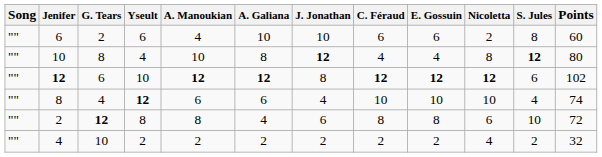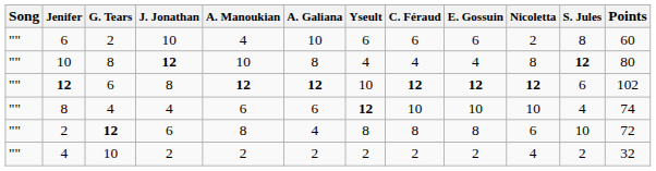 <table class="wikitable mw-collapsible collapsible collapsed" style="margin: 1em auto 1em auto; text-align:center;">
 <tr>
 <th>Song</th>
 <th><small>Jenifer</small></th>
 <th><small>G. Tears</small></th>
-<th><small>Yseult</small></th>
+<th><small>J. Jonathan</small></th>
 <th><small>A. Manoukian</small></th>
 <th><small>A. Galiana</small></th>
-<th><small>J. Jonathan</small></th>
+<th><small>Yseult</small></th>
 <th><small>C. Féraud</small></th>
 <th><small>E. Gossuin</small></th>
 <th><small>Nicoletta</small></th>
 <th><small>S. Jules</small></th>
 <th>Points</th>
 </tr>
 <tr>
 <td align="left">""</td>
 <td>6</td>
 <td>2</td>
-<td>6</td>
+<td>10</td>
 <td>4</td>
 <td>10</td>
-<td>10</td>
+<td>6</td>
 <td>6</td>
 <td>6</td>
 <td>2</td>
 <td>8</td>
 <td>60</td>
 </tr>
 <tr>
 <td align="left">""</td>
 <td>10</td>
 <td>8</td>
-<td>4</td>
+<td><strong>12</strong></td>
 <td>10</td>
 <td>8</td>
-<td><strong>12</strong></td>
+<td>4</td>
 <td>4</td>
 <td>4</td>
 <td>8</td>
 <td><strong>12</strong></td>
 <td>80</td>
 </tr>
 <tr>
 <td align="left">""</td>
 <td><strong>12</strong></td>
 <td>6</td>
-<td>10</td>
+<td>8</td>
 <td><strong>12</strong></td>
 <td><strong>12</strong></td>
-<td>8</td>
+<td>10</td>
 <td><strong>12</strong></td>
 <td><strong>12</strong></td>
 <td><strong>12</strong></td>
 <td>6</td>
 <td>102</td>
 </tr>
 <tr>
 <td align="left">""</td>
 <td>8</td>
 <td>4</td>
-<td><strong>12</strong></td>
+<td>4</td>
 <td>6</td>
 <td>6</td>
-<td>4</td>
+<td><strong>12</strong></td>
 <td>10</td>
 <td>10</td>
 <td>10</td>
 <td>4</td>
 <td>74</td>
 </tr>
 <tr>
 <td align="left">""</td>
 <td>2</td>
 <td><strong>12</strong></td>
-<td>8</td>
+<td>6</td>
 <td>8</td>
 <td>4</td>
-<td>6</td>
+<td>8</td>
 <td>8</td>
 <td>8</td>
 <td>6</td>
 <td>10</td>
 <td>72</td>
 </tr>
 <tr>
 <td align="left">""</td>
 <td>4</td>
 <td>10</td>
 <td>2</td>
 <td>2</td>
 <td>2</td>
 <td>2</td>
 <td>2</td>
 <td>2</td>
 <td>4</td>
 <td>2</td>
 <td>32</td>
 </tr>
 </table>
